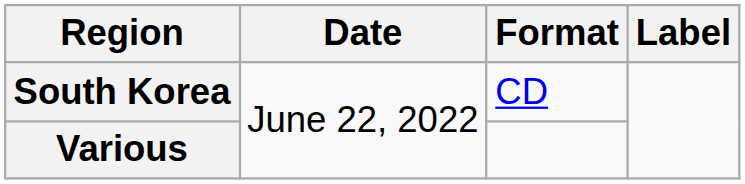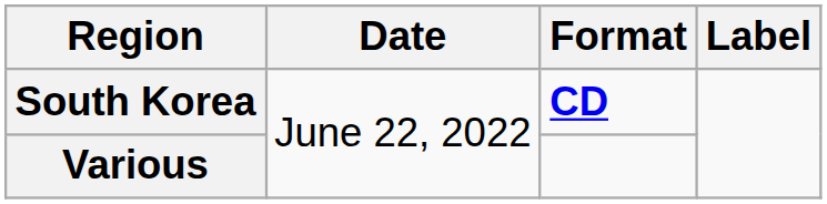 <table class="wikitable plainrowheaders">
 <tr>
 <th scope="col">Region</th>
 <th scope="col">Date</th>
 <th scope="col">Format</th>
 <th scope="col">Label</th>
 </tr>
 <tr>
 <th scope="row">South Korea</th>
 <td rowspan="2">June 22, 2022</td>
-<td><a href='#'>CD</a></td>
+<td><strong><a href='#'>CD</a></strong></td>
 <td rowspan="2"></td>
 </tr>
 <tr>
 <th scope="row">Various</th>
 <td></td>
 </tr>
 </table>
